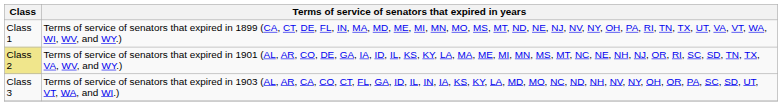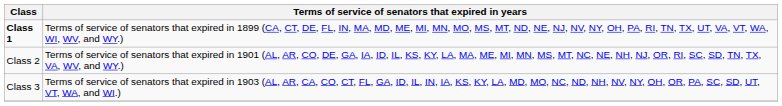 <table class="wikitable sortable">
 <tr valign=bottom>
 <th>Class</th>
 <th>Terms of service of senators that expired in years</th>
 </tr>
 <tr>
-<td>Class 1</td>
+<td><strong>Class 1</strong></td>
 <td>Terms of service of senators that expired in 1899 (<a href='#'>CA</a>, <a href='#'>CT</a>, <a href='#'>DE</a>, <a href='#'>FL</a>, <a href='#'>IN</a>, <a href='#'>MA</a>, <a href='#'>MD</a>, <a href='#'>ME</a>,  <a href='#'>MI</a>, <a href='#'>MN</a>, <a href='#'>MO</a>, <a href='#'>MS</a>, <a href='#'>MT</a>, <a href='#'>ND</a>, <a href='#'>NE</a>, <a href='#'>NJ</a>,  <a href='#'>NV</a>, <a href='#'>NY</a>, <a href='#'>OH</a>, <a href='#'>PA</a>, <a href='#'>RI</a>, <a href='#'>TN</a>, <a href='#'>TX</a>, <a href='#'>UT</a>, <a href='#'>VA</a>, <a href='#'>VT</a>, <a href='#'>WA</a>, <a href='#'>WI</a>, <a href='#'>WV</a>, and <a href='#'>WY</a>.)</td>
 </tr>
 <tr>
-<td style="background: khaki;">Class 2</td>
+<td>Class 2</td>
 <td>Terms of service of senators that expired in 1901 (<a href='#'>AL</a>, <a href='#'>AR</a>, <a href='#'>CO</a>, <a href='#'>DE</a>, <a href='#'>GA</a>, <a href='#'>IA</a>, <a href='#'>ID</a>, <a href='#'>IL</a>, <a href='#'>KS</a>, <a href='#'>KY</a>, <a href='#'>LA</a>, <a href='#'>MA</a>, <a href='#'>ME</a>, <a href='#'>MI</a>, <a href='#'>MN</a>, <a href='#'>MS</a>, <a href='#'>MT</a>, <a href='#'>NC</a>, <a href='#'>NE</a>, <a href='#'>NH</a>, <a href='#'>NJ</a>, <a href='#'>OR</a>, <a href='#'>RI</a>, <a href='#'>SC</a>, <a href='#'>SD</a>, <a href='#'>TN</a>, <a href='#'>TX</a>, <a href='#'>VA</a>, <a href='#'>WV</a>, and <a href='#'>WY</a>.)</td>
 </tr>
 <tr>
 <td>Class 3</td>
 <td>Terms of service of senators that expired in 1903 (<a href='#'>AL</a>, <a href='#'>AR</a>, <a href='#'>CA</a>, <a href='#'>CO</a>, <a href='#'>CT</a>, <a href='#'>FL</a>, <a href='#'>GA</a>, <a href='#'>ID</a>, <a href='#'>IL</a>, <a href='#'>IN</a>, <a href='#'>IA</a>, <a href='#'>KS</a>, <a href='#'>KY</a>, <a href='#'>LA</a>, <a href='#'>MD</a>, <a href='#'>MO</a>, <a href='#'>NC</a>, <a href='#'>ND</a>, <a href='#'>NH</a>, <a href='#'>NV</a>, <a href='#'>NY</a>, <a href='#'>OH</a>, <a href='#'>OR</a>, <a href='#'>PA</a>, <a href='#'>SC</a>, <a href='#'>SD</a>, <a href='#'>UT</a>, <a href='#'>VT</a>, <a href='#'>WA</a>, and <a href='#'>WI</a>.)</td>
 </tr>
 <tr>
 </tr>
 </table>
